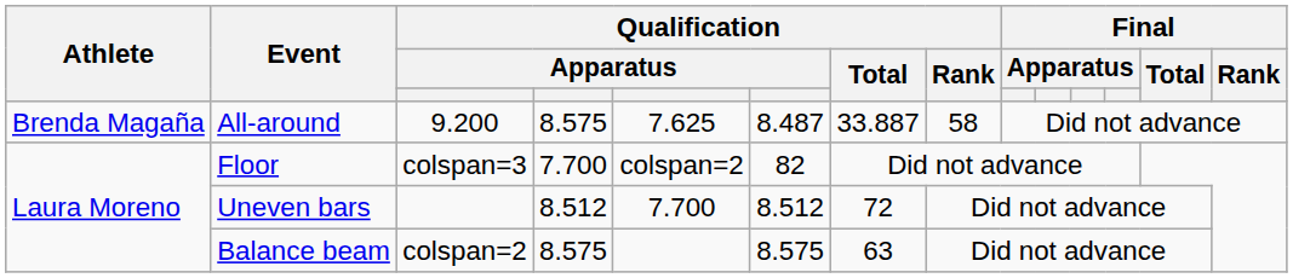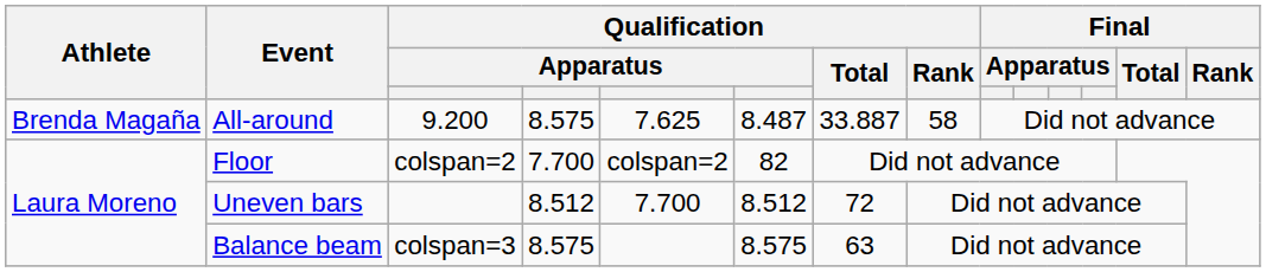 <table class="wikitable" style="font-size:90%">
 <tr>
 <th rowspan=3>Athlete</th>
 <th rowspan=3>Event</th>
 <th colspan=6>Qualification</th>
 <th colspan=6>Final</th>
 </tr>
 <tr style="font-size:95%">
 <th colspan=4>Apparatus</th>
 <th rowspan=2>Total</th>
 <th rowspan=2>Rank</th>
 <th colspan=4>Apparatus</th>
 <th rowspan=2>Total</th>
 <th rowspan=2>Rank</th>
 </tr>
 <tr style="font-size:95%">
 <th></th>
 <th></th>
 <th></th>
 <th></th>
 <th></th>
 <th></th>
 <th></th>
 <th></th>
 </tr>
 <tr align=center>
 <td align=left><a href='#'>Brenda Magaña</a></td>
 <td align=left><a href='#'>All-around</a></td>
 <td>9.200</td>
 <td>8.575</td>
 <td>7.625</td>
 <td>8.487</td>
 <td>33.887</td>
 <td>58</td>
 <td colspan=6>Did not advance</td>
 </tr>
 <tr align=center>
 <td align=left rowspan=3><a href='#'>Laura Moreno</a></td>
 <td align=left><a href='#'>Floor</a></td>
-<td>colspan=3 </td>
+<td>colspan=2 </td>
 <td>7.700</td>
 <td>colspan=2 </td>
 <td>82</td>
 <td colspan=6>Did not advance</td>
 </tr>
 <tr align=center>
 <td align=left><a href='#'>Uneven bars</a></td>
 <td></td>
 <td>8.512</td>
 <td>7.700</td>
 <td>8.512</td>
 <td>72</td>
 <td colspan=6>Did not advance</td>
 </tr>
 <tr align=center>
 <td align=left><a href='#'>Balance beam</a></td>
-<td>colspan=2 </td>
+<td>colspan=3 </td>
 <td>8.575</td>
 <td></td>
 <td>8.575</td>
 <td>63</td>
 <td colspan=6>Did not advance</td>
 </tr>
 </table>
